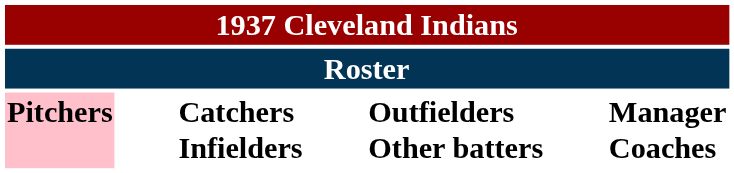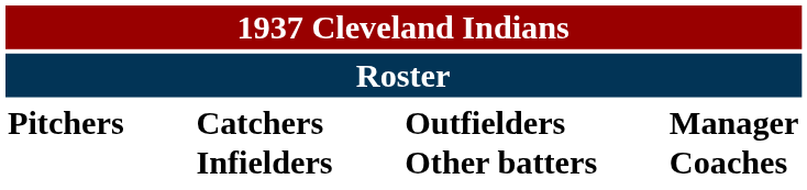 <table class="toccolours" style="font-size: 95%;">
 <tr>
 <th colspan="10" style="background-color: #990000; color: white; text-align: center;">1937 Cleveland Indians</th>
 </tr>
 <tr>
 <td colspan="10" style="background-color: #023456; color: white; text-align: center;"><strong>Roster</strong></td>
 </tr>
 <tr>
-<td valign="top" style="background: pink;"><strong>Pitchers</strong><br>           </td>
+<td valign="top"><strong>Pitchers</strong><br>           </td>
 <td width="25px"></td>
 <td valign="top"><strong>Catchers</strong><br>   <strong>Infielders</strong>       </td>
 <td width="25px"></td>
 <td valign="top"><strong>Outfielders</strong><br>      <strong>Other batters</strong> </td>
 <td width="25px"></td>
 <td valign="top"><strong>Manager</strong><br> <strong>Coaches</strong>  </td>
 </tr>
 </table>
